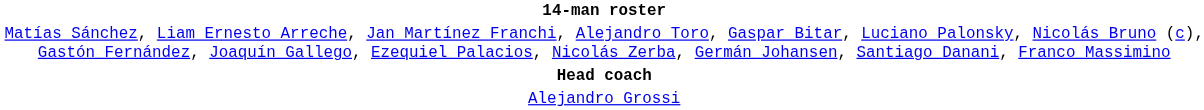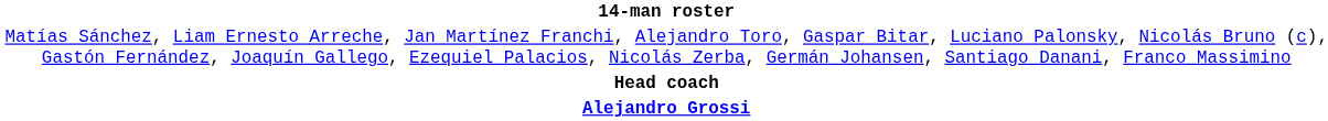 <table style="text-align: center; margin-top: 2em; margin-left: auto; margin-right: auto;">
 <tr>
 <th>14-man roster</th>
 </tr>
 <tr>
 <td><a href='#'>Matías Sánchez</a>, <a href='#'>Liam Ernesto Arreche</a>, <a href='#'>Jan Martínez Franchi</a>, <a href='#'>Alejandro Toro</a>, <a href='#'>Gaspar Bitar</a>, <a href='#'>Luciano Palonsky</a>, <a href='#'>Nicolás Bruno</a> (<a href='#'>c</a>),<br> <a href='#'>Gastón Fernández</a>, <a href='#'>Joaquín Gallego</a>, <a href='#'>Ezequiel Palacios</a>, <a href='#'>Nicolás Zerba</a>, <a href='#'>Germán Johansen</a>, <a href='#'>Santiago Danani</a>, <a href='#'>Franco Massimino</a></td>
 </tr>
 <tr>
 <td><strong>Head coach</strong></td>
 </tr>
 <tr>
-<td><a href='#'>Alejandro Grossi</a></td>
+<td><strong><a href='#'>Alejandro Grossi</a></strong></td>
 </tr>
 </table>
